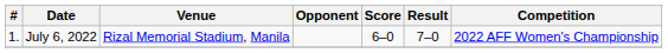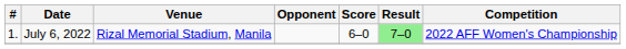 <table class="wikitable">
 <tr>
 <th>#</th>
 <th>Date</th>
 <th>Venue</th>
 <th>Opponent</th>
 <th>Score</th>
 <th>Result</th>
 <th>Competition</th>
 </tr>
 <tr>
 <td>1.</td>
 <td>July 6, 2022</td>
 <td><a href='#'>Rizal Memorial Stadium</a>, <a href='#'>Manila</a></td>
 <td></td>
 <td style="text-align:center;">6–0</td>
-<td style="text-align:center;">7–0</td>
+<td style="background: lightgreen; text-align:center;">7–0</td>
 <td><a href='#'>2022 AFF Women's Championship</a></td>
 </tr>
 <tr>
 </tr>
 </table>
